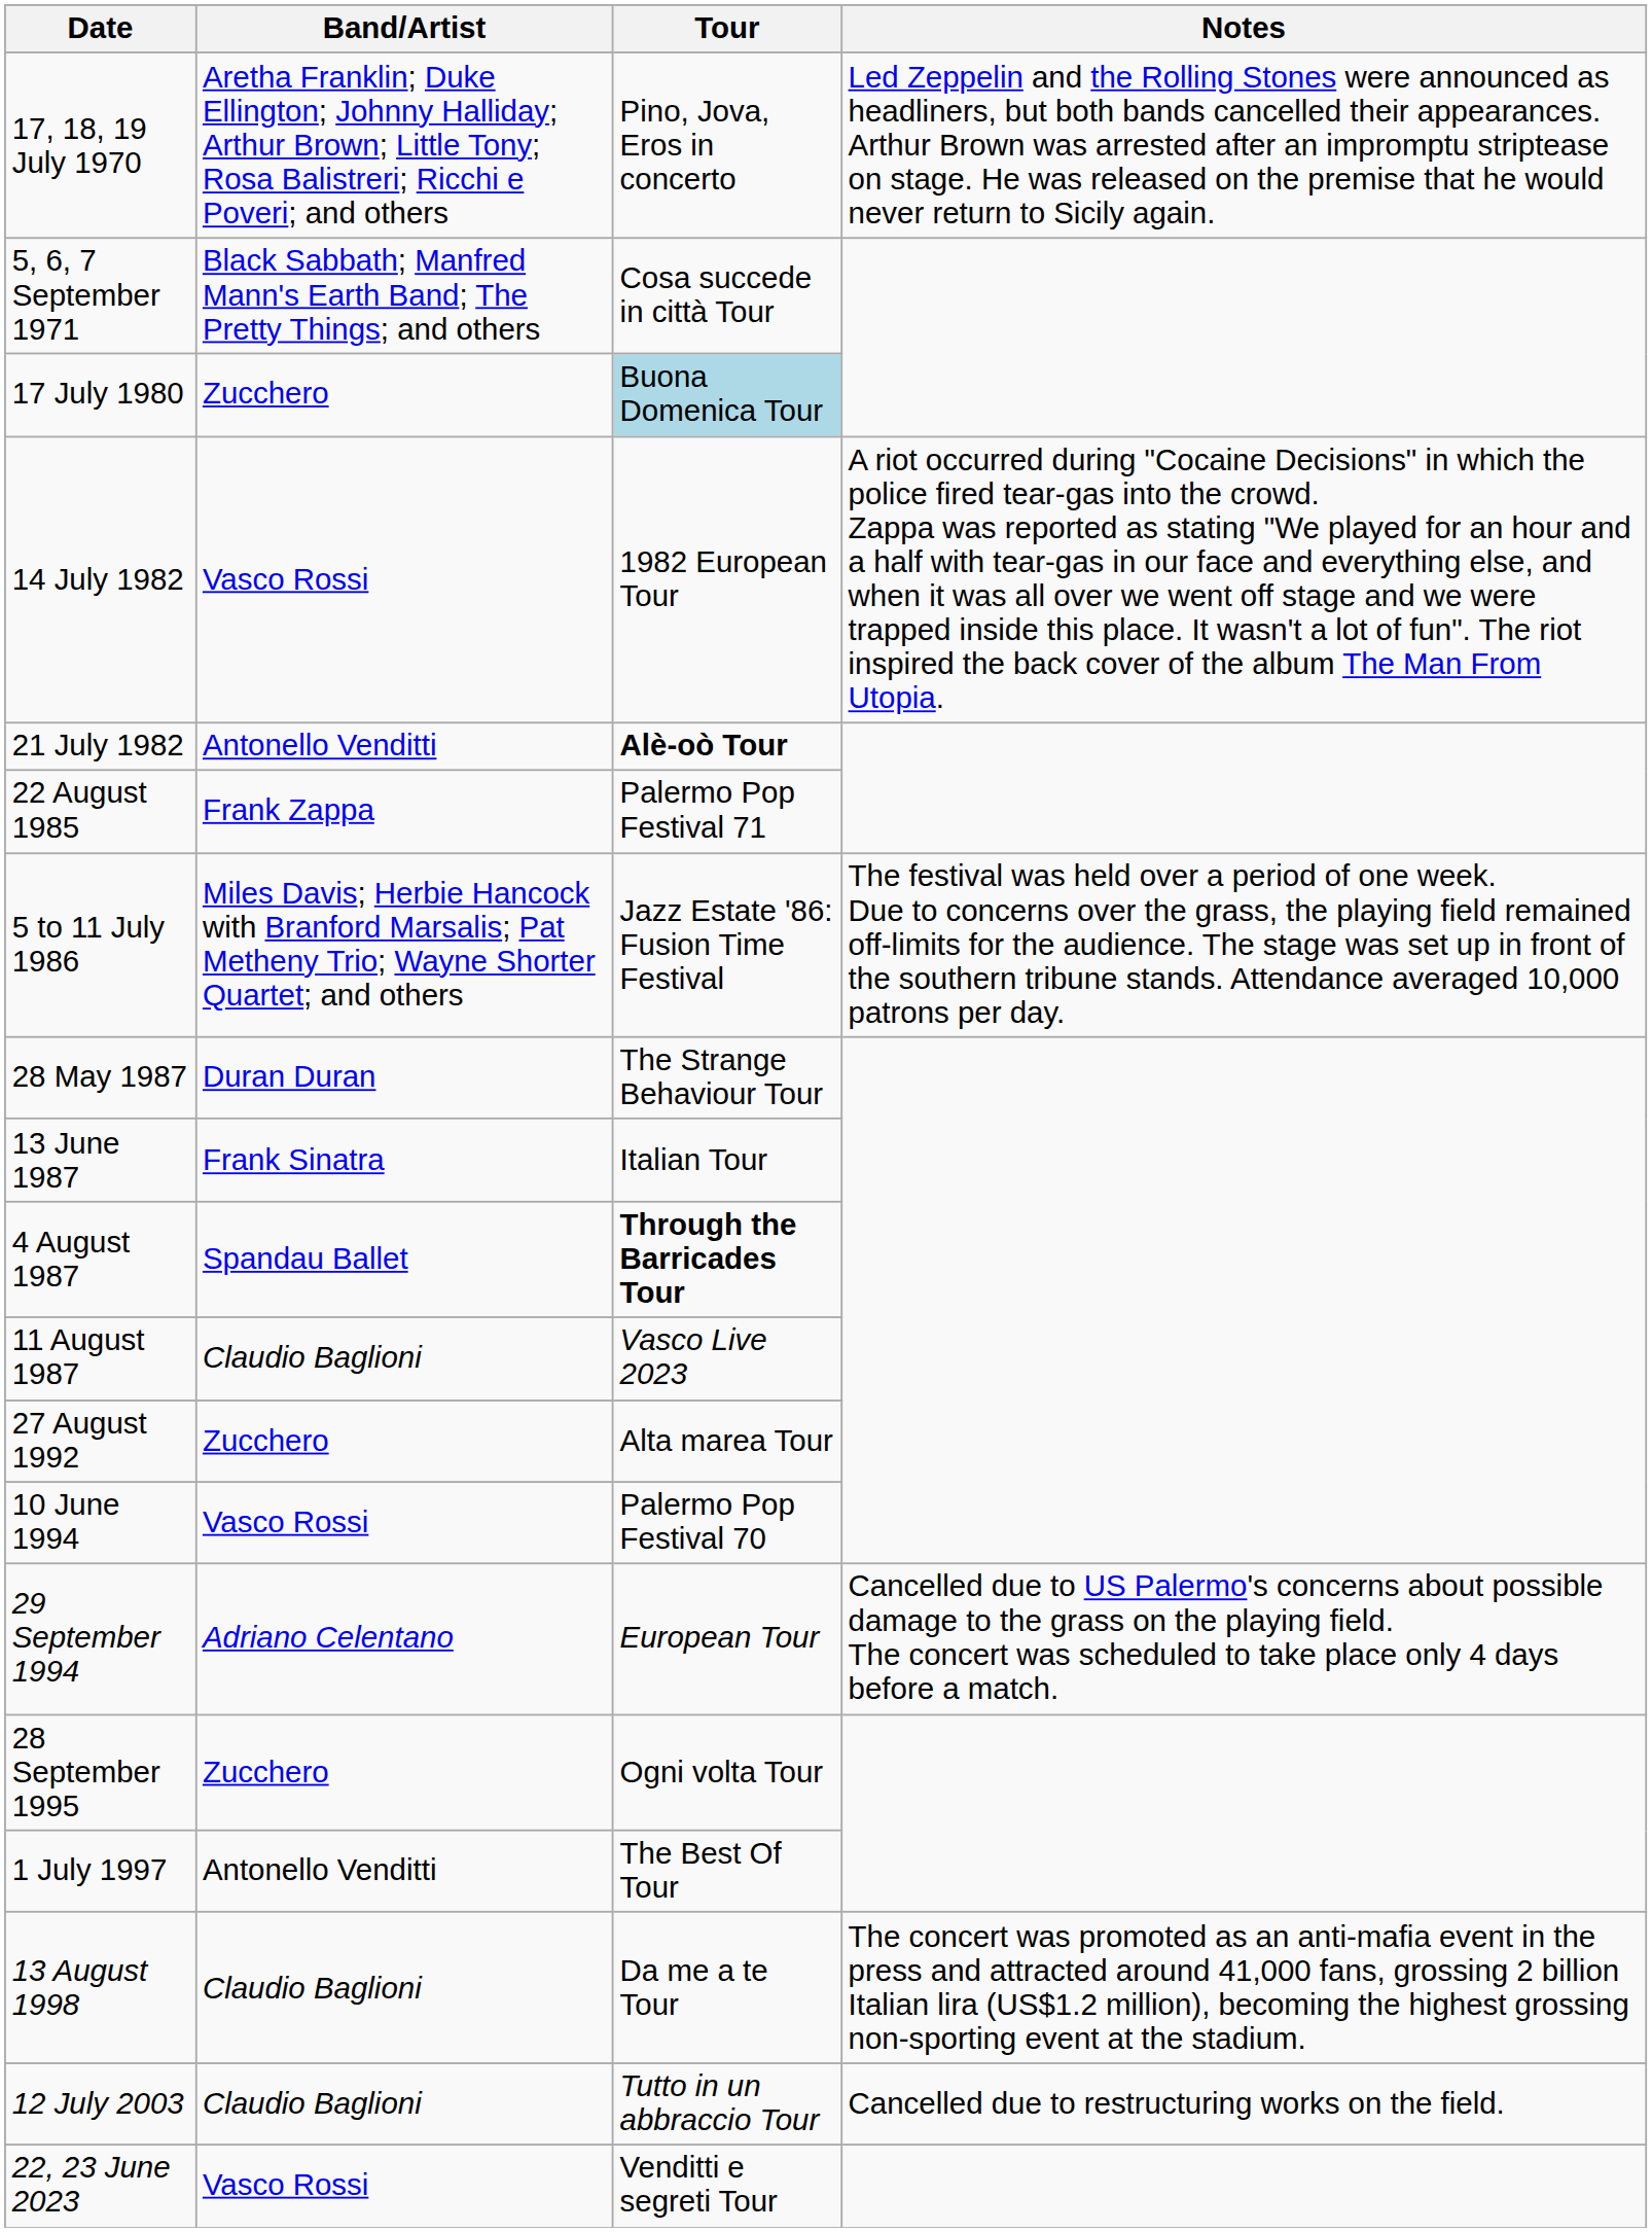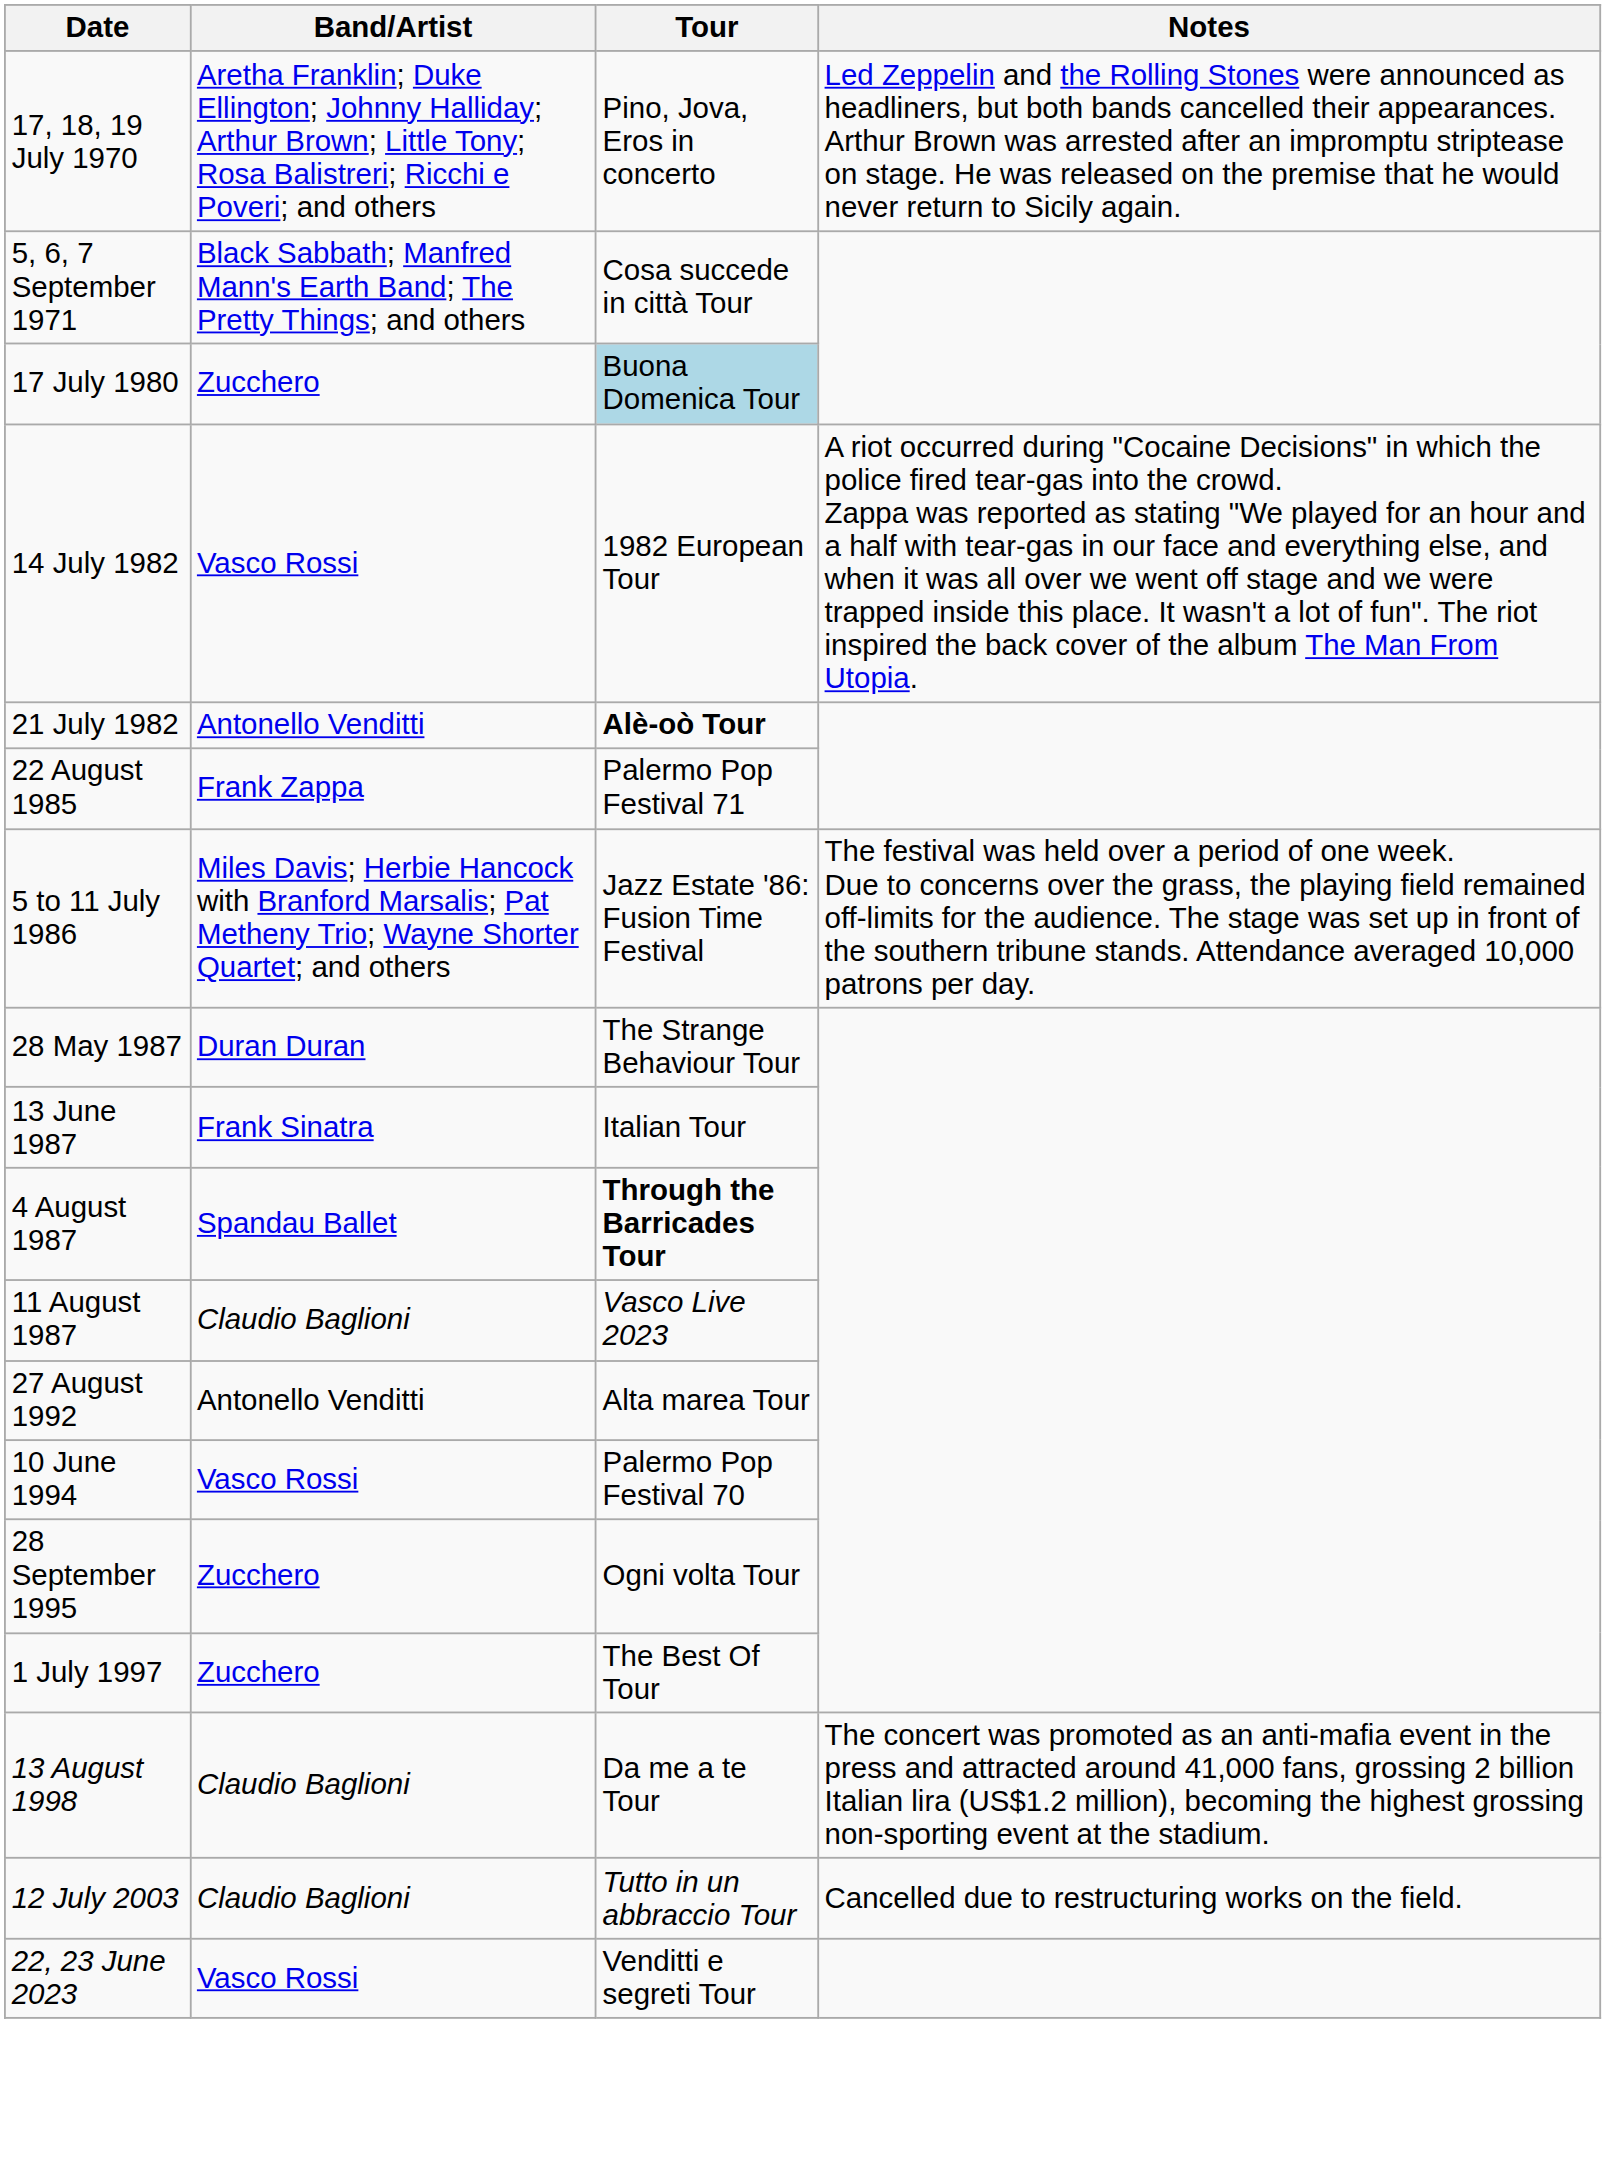 <table class = "wikitable sortable">
 <tr>
 <th>Date</th>
 <th>Band/Artist</th>
 <th>Tour</th>
 <th>Notes</th>
 </tr>
 <tr>
 <td>17, 18, 19 July 1970</td>
 <td><a href='#'>Aretha Franklin</a>; <a href='#'>Duke Ellington</a>; <a href='#'>Johnny Halliday</a>; <a href='#'>Arthur Brown</a>; <a href='#'>Little Tony</a>; <a href='#'>Rosa Balistreri</a>; <a href='#'>Ricchi e Poveri</a>; and others</td>
 <td>Pino, Jova, Eros in concerto</td>
 <td><a href='#'>Led Zeppelin</a> and <a href='#'>the Rolling Stones</a> were announced as headliners, but both bands cancelled their appearances.<br>Arthur Brown was arrested after an impromptu striptease on stage. He was released on the premise that he would never return to Sicily again.</td>
 </tr>
 <tr>
 <td>5, 6, 7 September 1971</td>
 <td><a href='#'>Black Sabbath</a>; <a href='#'>Manfred Mann's Earth Band</a>; <a href='#'>The Pretty Things</a>; and others</td>
 <td>Cosa succede in città Tour</td>
 </tr>
 <tr>
 <td>17 July 1980</td>
 <td><a href='#'>Zucchero</a></td>
 <td style="background: lightblue;">Buona Domenica Tour</td>
 </tr>
 <tr>
 <td>14 July 1982</td>
 <td><a href='#'>Vasco Rossi</a></td>
 <td>1982 European Tour</td>
 <td>A riot occurred during "Cocaine Decisions" in which the police fired tear-gas into the crowd.<br>Zappa was reported as stating  "We played for an hour and a half with tear-gas in our face and everything else, and when it was all over we went off stage and we were trapped inside this place. It wasn't a lot of fun". The riot inspired the back cover of the album <a href='#'>The Man From Utopia</a>.</td>
 </tr>
 <tr>
 <td>21 July 1982</td>
 <td><a href='#'>Antonello Venditti</a></td>
 <td><strong>Alè-oò Tour</strong></td>
 </tr>
 <tr>
 <td>22 August 1985</td>
 <td><a href='#'>Frank Zappa</a></td>
 <td>Palermo Pop Festival 71</td>
 </tr>
 <tr>
 <td>5 to 11 July 1986</td>
 <td><a href='#'>Miles Davis</a>; <a href='#'>Herbie Hancock</a> with <a href='#'>Branford Marsalis</a>; <a href='#'>Pat Metheny Trio</a>; <a href='#'>Wayne Shorter Quartet</a>; and others</td>
 <td>Jazz Estate '86: Fusion Time Festival</td>
 <td>The festival was held over a period of one week.<br>Due to concerns over the grass, the playing field remained off-limits for the audience. The stage was set up in front of the southern tribune stands. Attendance averaged 10,000 patrons per day.</td>
 </tr>
 <tr>
 <td>28 May 1987</td>
 <td><a href='#'>Duran Duran</a></td>
 <td>The Strange Behaviour Tour</td>
 </tr>
 <tr>
 <td>13 June 1987</td>
 <td><a href='#'>Frank Sinatra</a></td>
 <td>Italian Tour</td>
 </tr>
 <tr>
 <td>4 August 1987</td>
 <td><a href='#'>Spandau Ballet</a></td>
 <td><strong>Through the Barricades Tour</strong></td>
 </tr>
 <tr>
 <td>11 August 1987</td>
 <td><em>Claudio Baglioni</em></td>
 <td><em>Vasco Live 2023</em></td>
 </tr>
 <tr>
 <td>27 August 1992</td>
-<td><a href='#'>Zucchero</a></td>
+<td>Antonello Venditti</td>
 <td>Alta marea Tour</td>
 </tr>
 <tr>
 <td>10 June 1994</td>
 <td><a href='#'>Vasco Rossi</a></td>
 <td>Palermo Pop Festival 70</td>
 </tr>
 <tr>
-<td><em>29 September 1994</em></td>
-<td><em><a href='#'>Adriano Celentano</a></em></td>
-<td><em>European Tour</em></td>
-<td>Cancelled due to <a href='#'>US Palermo</a>'s concerns about possible damage to the grass on the playing field.<br>The concert was scheduled to take place only 4 days before a match.</td>
-</tr>
-<tr>
 <td>28 September 1995</td>
 <td><a href='#'>Zucchero</a></td>
 <td>Ogni volta Tour</td>
 </tr>
 <tr>
 <td>1 July 1997</td>
-<td>Antonello Venditti</td>
+<td><a href='#'>Zucchero</a></td>
 <td>The Best Of Tour</td>
 </tr>
 <tr>
 <td><em>13 August 1998</em></td>
 <td><em>Claudio Baglioni</em></td>
 <td>Da me a te Tour</td>
 <td>The concert was promoted as an anti-mafia event in the press and attracted around 41,000 fans, grossing 2 billion Italian lira (US$1.2 million), becoming the highest grossing non-sporting event at the stadium.</td>
 </tr>
 <tr>
 <td><em>12 July 2003</em></td>
 <td><em>Claudio Baglioni</em></td>
 <td><em>Tutto in un abbraccio Tour</em></td>
 <td>Cancelled due to restructuring works on the field.</td>
 </tr>
 <tr>
 <td><em>22, 23 June 2023</em></td>
 <td><a href='#'>Vasco Rossi</a></td>
 <td>Venditti e segreti Tour</td>
 <td></td>
 </tr>
 </table>
